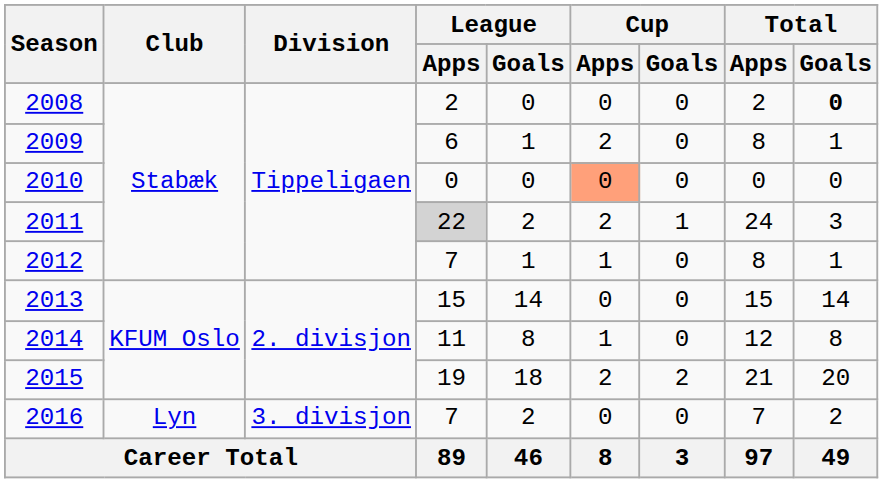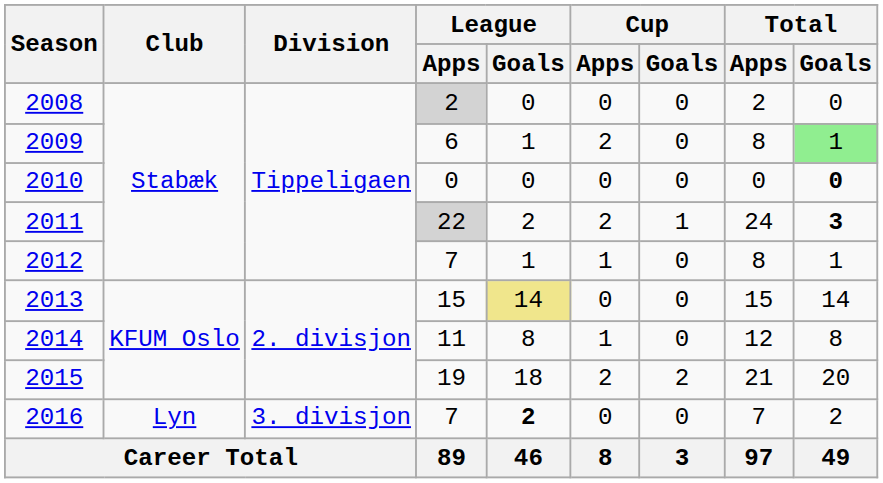 <table class="wikitable" style="text-align: center;">
 <tr>
 <th rowspan="2">Season</th>
 <th rowspan="2">Club</th>
 <th rowspan="2">Division</th>
 <th colspan="2">League</th>
 <th colspan="2">Cup</th>
 <th colspan="2">Total</th>
 </tr>
 <tr>
 <th>Apps</th>
 <th>Goals</th>
 <th>Apps</th>
 <th>Goals</th>
 <th>Apps</th>
 <th>Goals</th>
 </tr>
 <tr>
 <td><a href='#'>2008</a></td>
 <td rowspan="5" valign="center"><a href='#'>Stabæk</a></td>
 <td rowspan="5" valign="center"><a href='#'>Tippeligaen</a></td>
-<td>2</td>
+<td style="background: lightgrey;">2</td>
 <td>0</td>
 <td>0</td>
 <td>0</td>
 <td>2</td>
-<td><strong>0</strong></td>
+<td>0</td>
 </tr>
 <tr>
 <td><a href='#'>2009</a></td>
 <td>6</td>
 <td>1</td>
 <td>2</td>
 <td>0</td>
 <td>8</td>
-<td>1</td>
+<td style="background: lightgreen;">1</td>
 </tr>
 <tr>
 <td><a href='#'>2010</a></td>
 <td>0</td>
 <td>0</td>
-<td style="background: lightsalmon;">0</td>
 <td>0</td>
 <td>0</td>
 <td>0</td>
+<td><strong>0</strong></td>
 </tr>
 <tr>
 <td><a href='#'>2011</a></td>
 <td style="background: lightgrey;">22</td>
 <td>2</td>
 <td>2</td>
 <td>1</td>
 <td>24</td>
-<td>3</td>
+<td><strong>3</strong></td>
 </tr>
 <tr>
 <td><a href='#'>2012</a></td>
 <td>7</td>
 <td>1</td>
 <td>1</td>
 <td>0</td>
 <td>8</td>
 <td>1</td>
 </tr>
 <tr>
 <td><a href='#'>2013</a></td>
 <td rowspan="3" valign="center"><a href='#'>KFUM Oslo</a></td>
 <td rowspan="3" valign="center"><a href='#'>2. divisjon</a></td>
 <td>15</td>
-<td>14</td>
+<td style="background: khaki;">14</td>
 <td>0</td>
 <td>0</td>
 <td>15</td>
 <td>14</td>
 </tr>
 <tr>
 <td><a href='#'>2014</a></td>
 <td>11</td>
 <td>8</td>
 <td>1</td>
 <td>0</td>
 <td>12</td>
 <td>8</td>
 </tr>
 <tr>
 <td><a href='#'>2015</a></td>
 <td>19</td>
 <td>18</td>
 <td>2</td>
 <td>2</td>
 <td>21</td>
 <td>20</td>
 </tr>
 <tr>
 <td><a href='#'>2016</a></td>
 <td rowspan="1" valign="center"><a href='#'>Lyn</a></td>
 <td rowspan="1" valign="center"><a href='#'>3. divisjon</a></td>
 <td>7</td>
-<td>2</td>
+<td><strong>2</strong></td>
 <td>0</td>
 <td>0</td>
 <td>7</td>
 <td>2</td>
 </tr>
 <tr>
 <th colspan="3">Career Total</th>
 <th>89</th>
 <th>46</th>
 <th>8</th>
 <th>3</th>
 <th>97</th>
 <th>49</th>
 </tr>
 </table>
